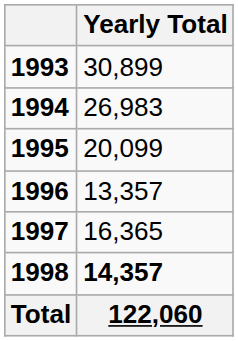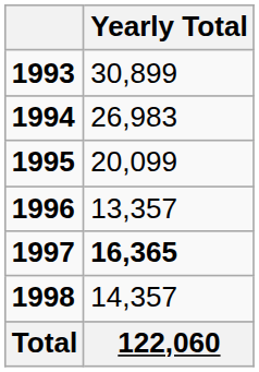 <table class="wikitable">
 <tr>
 <th></th>
 <th>Yearly Total</th>
 </tr>
 <tr>
 <td><strong>1993</strong></td>
 <td>30,899</td>
 </tr>
 <tr>
 <td><strong>1994</strong></td>
 <td>26,983</td>
 </tr>
 <tr>
 <td><strong>1995</strong></td>
 <td>20,099</td>
 </tr>
 <tr>
 <td><strong>1996</strong></td>
 <td>13,357</td>
 </tr>
 <tr>
 <td><strong>1997</strong></td>
-<td>16,365</td>
+<td><strong>16,365</strong></td>
 </tr>
 <tr>
 <td><strong>1998</strong></td>
-<td><strong>14,357</strong></td>
+<td>14,357</td>
 </tr>
 <tr>
 <th>Total</th>
 <th><u>122,060</u></th>
 </tr>
 </table>
